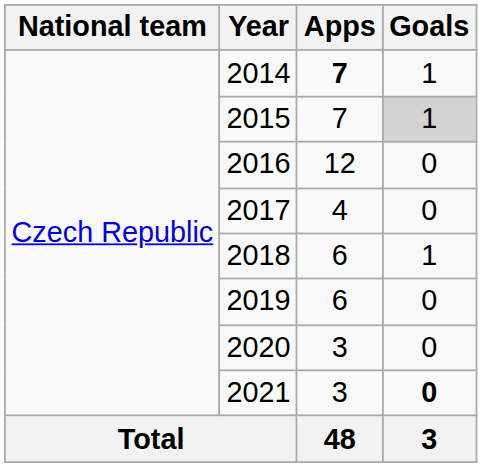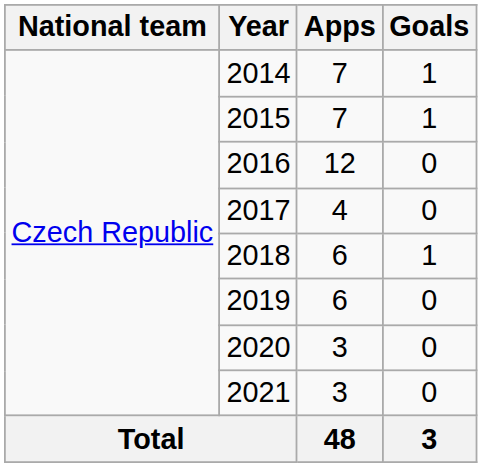 <table class=wikitable style="text-align: center">
 <tr>
 <th>National team</th>
 <th>Year</th>
 <th>Apps</th>
 <th>Goals</th>
 </tr>
 <tr>
 <td rowspan="8"><a href='#'>Czech Republic</a></td>
 <td>2014</td>
-<td><strong>7</strong></td>
+<td>7</td>
 <td>1</td>
 </tr>
 <tr>
 <td>2015</td>
 <td>7</td>
-<td style="background: lightgrey;">1</td>
+<td>1</td>
 </tr>
 <tr>
 <td>2016</td>
 <td>12</td>
 <td>0</td>
 </tr>
 <tr>
 <td>2017</td>
 <td>4</td>
 <td>0</td>
 </tr>
 <tr>
 <td>2018</td>
 <td>6</td>
 <td>1</td>
 </tr>
 <tr>
 <td>2019</td>
 <td>6</td>
 <td>0</td>
 </tr>
 <tr>
 <td>2020</td>
 <td>3</td>
 <td>0</td>
 </tr>
 <tr>
 <td>2021</td>
 <td>3</td>
-<td><strong>0</strong></td>
+<td>0</td>
 </tr>
 <tr>
 <th colspan="2">Total</th>
 <th>48</th>
 <th>3</th>
 </tr>
 </table>
